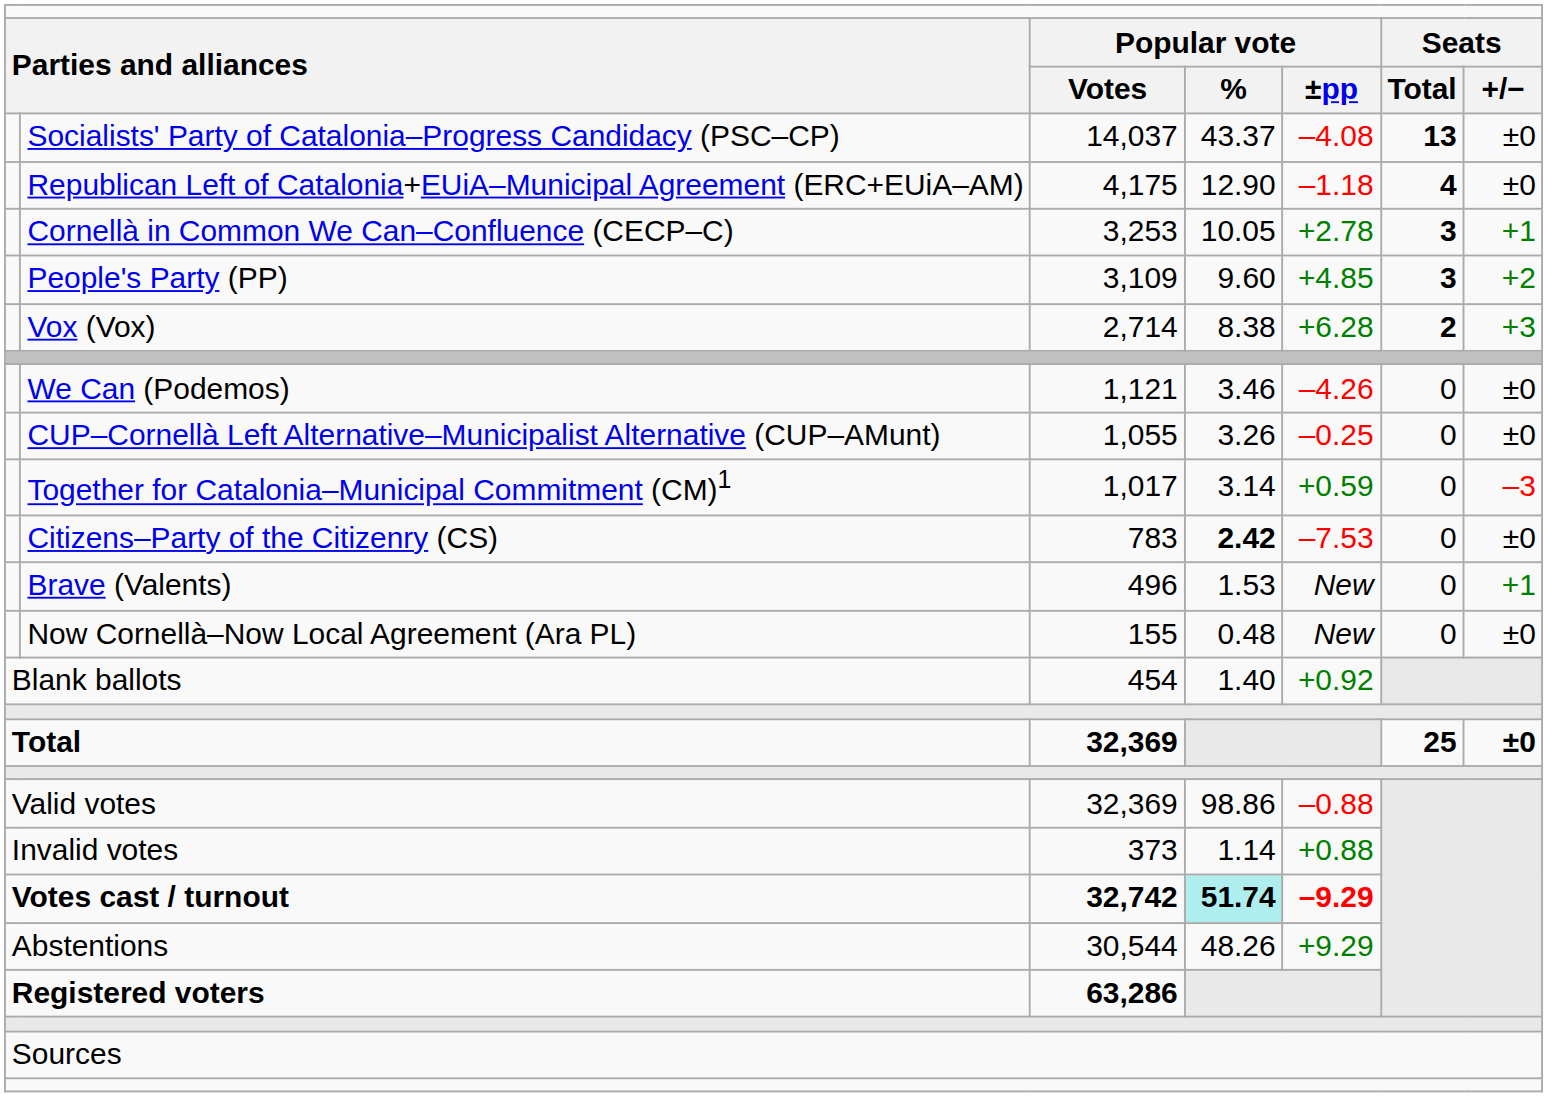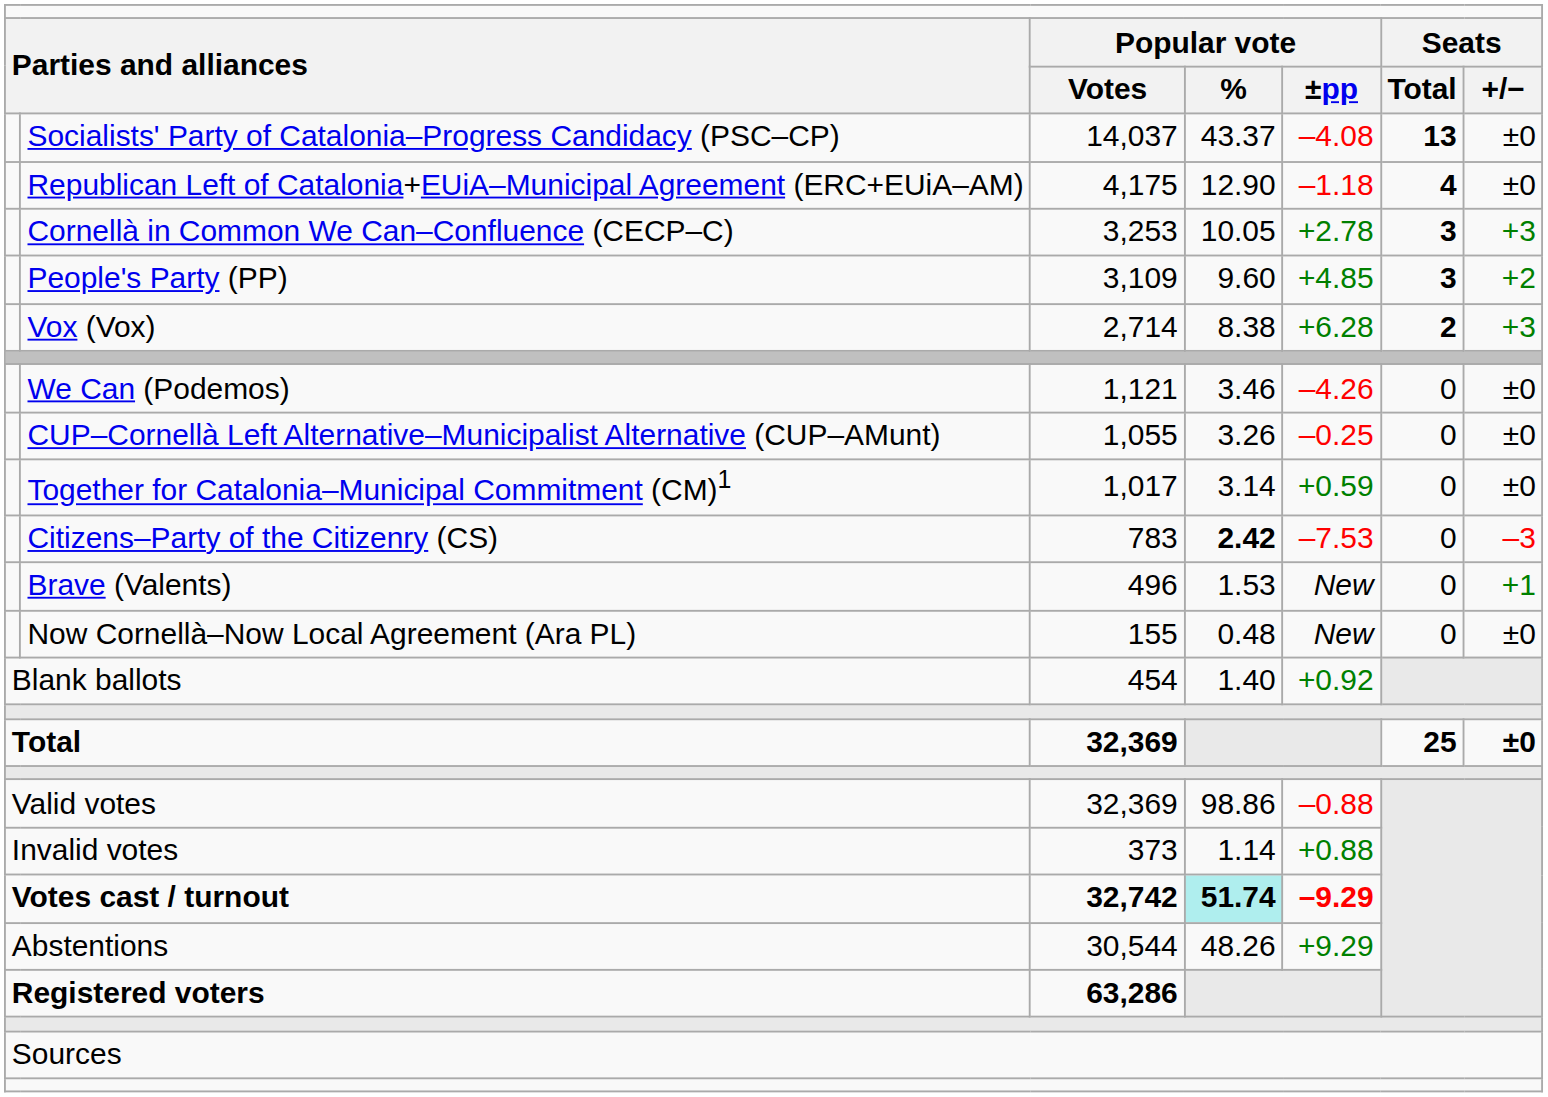 <table class="wikitable" style="text-align:right;">
 <tr>
 <td colspan="7"></td>
 </tr>
 <tr>
 <th style="text-align:left;" rowspan="2" colspan="2" width="525">Parties and alliances</th>
 <th colspan="3">Popular vote</th>
 <th colspan="2">Seats</th>
 </tr>
 <tr>
 <th width="75">Votes</th>
 <th width="45">%</th>
 <th width="45">±<a href='#'>pp</a></th>
 <th width="35">Total</th>
 <th width="35">+/−</th>
 </tr>
 <tr>
 <td width="1" style="color:inherit;background:"></td>
 <td align="left"><a href='#'>Socialists' Party of Catalonia–Progress Candidacy</a> (PSC–CP)</td>
 <td>14,037</td>
 <td>43.37</td>
 <td style="color:red;">–4.08</td>
 <td><strong>13</strong></td>
 <td>±0</td>
 </tr>
 <tr>
 <td style="color:inherit;background:"></td>
 <td align="left"><a href='#'>Republican Left of Catalonia</a>+<a href='#'>EUiA–Municipal Agreement</a> (ERC+EUiA–AM)</td>
 <td>4,175</td>
 <td>12.90</td>
 <td style="color:red;">–1.18</td>
 <td><strong>4</strong></td>
 <td>±0</td>
 </tr>
 <tr>
 <td style="color:inherit;background:"></td>
 <td align="left"><a href='#'>Cornellà in Common We Can–Confluence</a> (CECP–C)</td>
 <td>3,253</td>
 <td>10.05</td>
 <td style="color:green;">+2.78</td>
 <td><strong>3</strong></td>
-<td style="color:green;">+1</td>
+<td style="color:green;">+3</td>
 </tr>
 <tr>
 <td style="color:inherit;background:"></td>
 <td align="left"><a href='#'>People's Party</a> (PP)</td>
 <td>3,109</td>
 <td>9.60</td>
 <td style="color:green;">+4.85</td>
 <td><strong>3</strong></td>
 <td style="color:green;">+2</td>
 </tr>
 <tr>
 <td style="color:inherit;background:"></td>
 <td align="left"><a href='#'>Vox</a> (Vox)</td>
 <td>2,714</td>
 <td>8.38</td>
 <td style="color:green;">+6.28</td>
 <td><strong>2</strong></td>
 <td style="color:green;">+3</td>
 </tr>
 <tr>
 <td colspan="7" bgcolor="#C0C0C0"></td>
 </tr>
 <tr>
 <td style="color:inherit;background:"></td>
 <td align="left"><a href='#'>We Can</a> (Podemos)</td>
 <td>1,121</td>
 <td>3.46</td>
 <td style="color:red;">–4.26</td>
 <td>0</td>
 <td>±0</td>
 </tr>
 <tr>
 <td style="color:inherit;background:"></td>
 <td align="left"><a href='#'>CUP–Cornellà Left Alternative–Municipalist Alternative</a> (CUP–AMunt)</td>
 <td>1,055</td>
 <td>3.26</td>
 <td style="color:red;">–0.25</td>
 <td>0</td>
 <td>±0</td>
 </tr>
 <tr>
 <td style="color:inherit;background:"></td>
 <td align="left"><a href='#'>Together for Catalonia–Municipal Commitment</a> (CM)<sup>1</sup></td>
 <td>1,017</td>
 <td>3.14</td>
 <td style="color:green;">+0.59</td>
 <td>0</td>
-<td style="color:red;">–3</td>
+<td>±0</td>
 </tr>
 <tr>
 <td style="color:inherit;background:"></td>
 <td align="left"><a href='#'>Citizens–Party of the Citizenry</a> (CS)</td>
 <td>783</td>
 <td><strong>2.42</strong></td>
 <td style="color:red;">–7.53</td>
 <td>0</td>
-<td>±0</td>
+<td style="color:red;">–3</td>
 </tr>
 <tr>
 <td style="color:inherit;background:"></td>
 <td align="left"><a href='#'>Brave</a> (Valents)</td>
 <td>496</td>
 <td>1.53</td>
 <td><em>New</em></td>
 <td>0</td>
 <td style="color:green;">+1</td>
 </tr>
 <tr>
 <td style="color:inherit;background:"></td>
 <td align="left">Now Cornellà–Now Local Agreement (Ara PL)</td>
 <td>155</td>
 <td>0.48</td>
 <td><em>New</em></td>
 <td>0</td>
 <td>±0</td>
 </tr>
 <tr>
 <td align="left" colspan="2">Blank ballots</td>
 <td>454</td>
 <td>1.40</td>
 <td style="color:green;">+0.92</td>
 <td bgcolor="#E9E9E9" colspan="2"></td>
 </tr>
 <tr>
 <td colspan="7" bgcolor="#E9E9E9"></td>
 </tr>
 <tr style="font-weight:bold;">
 <td align="left" colspan="2">Total</td>
 <td>32,369</td>
 <td bgcolor="#E9E9E9" colspan="2"></td>
 <td>25</td>
 <td>±0</td>
 </tr>
 <tr>
 <td colspan="7" bgcolor="#E9E9E9"></td>
 </tr>
 <tr>
 <td align="left" colspan="2">Valid votes</td>
 <td>32,369</td>
 <td>98.86</td>
 <td style="color:red;">–0.88</td>
 <td bgcolor="#E9E9E9" colspan="2" rowspan="5"></td>
 </tr>
 <tr>
 <td align="left" colspan="2">Invalid votes</td>
 <td>373</td>
 <td>1.14</td>
 <td style="color:green;">+0.88</td>
 </tr>
 <tr style="font-weight:bold;">
 <td align="left" colspan="2">Votes cast / turnout</td>
 <td>32,742</td>
 <td style="background: paleturquoise;">51.74</td>
 <td style="color:red;">–9.29</td>
 </tr>
 <tr>
 <td align="left" colspan="2">Abstentions</td>
 <td>30,544</td>
 <td>48.26</td>
 <td style="color:green;">+9.29</td>
 </tr>
 <tr style="font-weight:bold;">
 <td align="left" colspan="2">Registered voters</td>
 <td>63,286</td>
 <td bgcolor="#E9E9E9" colspan="2"></td>
 </tr>
 <tr>
 <td colspan="7" bgcolor="#E9E9E9"></td>
 </tr>
 <tr>
 <td align="left" colspan="7">Sources</td>
 </tr>
 <tr>
 <td colspan="7" style="text-align:left; max-width:790px;"></td>
 </tr>
 </table>
